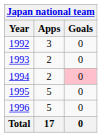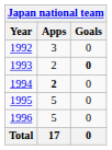 <table class="wikitable" style="text-align:center">
 <tr>
 <th colspan="3"><a href='#'>Japan national team</a></th>
 </tr>
 <tr>
 <th>Year</th>
 <th>Apps</th>
 <th>Goals</th>
 </tr>
 <tr>
 <td><a href='#'>1992</a></td>
 <td>3</td>
 <td>0</td>
 </tr>
 <tr>
 <td><a href='#'>1993</a></td>
 <td>2</td>
-<td>0</td>
+<td><strong>0</strong></td>
 </tr>
 <tr>
 <td><a href='#'>1994</a></td>
-<td>2</td>
-<td style="background: pink;">0</td>
+<td><strong>2</strong></td>
+<td>0</td>
 </tr>
 <tr>
 <td><a href='#'>1995</a></td>
 <td>5</td>
 <td>0</td>
 </tr>
 <tr>
 <td><a href='#'>1996</a></td>
 <td>5</td>
 <td>0</td>
 </tr>
 <tr>
 <th>Total</th>
 <th>17</th>
 <th>0</th>
 </tr>
 </table>
